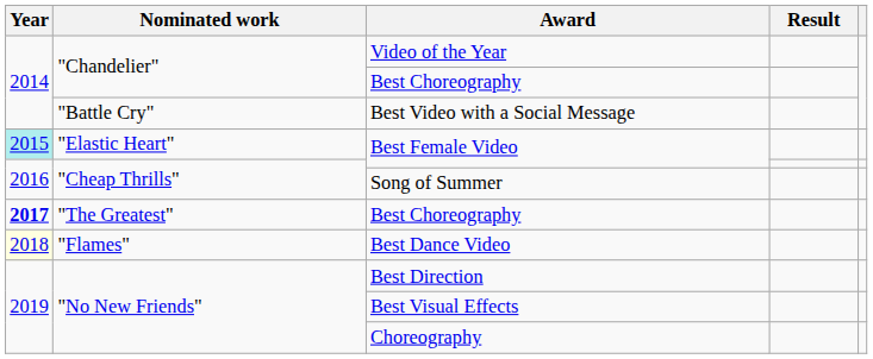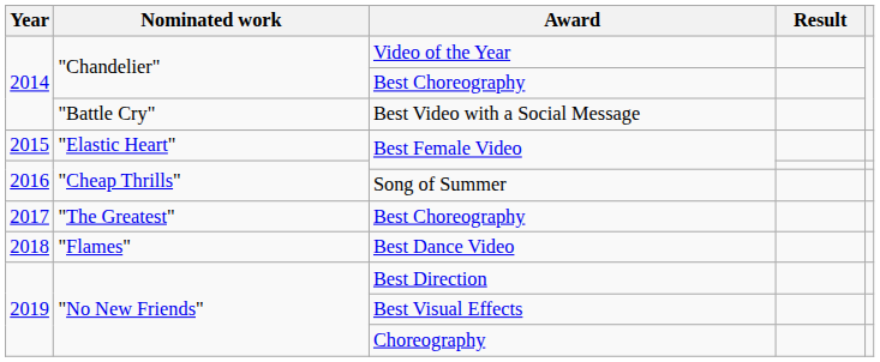 <table class="wikitable">
 <tr>
 <th>Year</th>
 <th style="width:250px;">Nominated work</th>
 <th style="width:325px;">Award</th>
 <th width="65">Result</th>
 <th></th>
 </tr>
 <tr>
 <td style="text-align:center;" rowspan="3"><a href='#'>2014</a></td>
 <td rowspan=2>"Chandelier"</td>
 <td><a href='#'>Video of the Year</a></td>
 <td></td>
 <td style="text-align:center;" rowspan="3"></td>
 </tr>
 <tr>
 <td><a href='#'>Best Choreography</a></td>
 <td></td>
 </tr>
 <tr>
 <td>"Battle Cry"</td>
 <td>Best Video with a Social Message</td>
 <td></td>
 </tr>
 <tr>
-<td style="background: paleturquoise; text-align:center;"><a href='#'>2015</a></td>
+<td style="text-align:center;"><a href='#'>2015</a></td>
 <td>"<a href='#'>Elastic Heart</a>"</td>
 <td rowspan="2"><a href='#'>Best Female Video</a></td>
 <td></td>
 <td style="text-align:center;"></td>
 </tr>
 <tr>
 <td style="text-align:center;" rowspan="2"><a href='#'>2016</a></td>
 <td rowspan="2">"<a href='#'>Cheap Thrills</a>"</td>
 <td></td>
 <td style="text-align:center;"></td>
 </tr>
 <tr>
 <td>Song of Summer</td>
 <td></td>
 <td style="text-align:center;"></td>
 </tr>
 <tr>
-<td style="text-align:center;"><strong><a href='#'>2017</a></strong></td>
+<td style="text-align:center;"><a href='#'>2017</a></td>
 <td>"<a href='#'>The Greatest</a>"</td>
 <td><a href='#'>Best Choreography</a></td>
 <td></td>
 <td style="text-align:center;"></td>
 </tr>
 <tr>
-<td style="background: lightyellow; text-align:center;"><a href='#'>2018</a></td>
+<td style="text-align:center;"><a href='#'>2018</a></td>
 <td>"<a href='#'>Flames</a>"</td>
 <td><a href='#'>Best Dance Video</a></td>
 <td></td>
 <td style="text-align:center;"></td>
 </tr>
 <tr>
 <td style="text-align:center;" rowspan="3"><a href='#'>2019</a></td>
 <td rowspan="3">"<a href='#'>No New Friends</a>"</td>
 <td><a href='#'>Best Direction</a></td>
 <td></td>
 <td></td>
 </tr>
 <tr>
 <td><a href='#'>Best Visual Effects</a></td>
 <td></td>
 <td></td>
 </tr>
 <tr>
 <td><a href='#'>Choreography</a></td>
 <td></td>
 <td></td>
 </tr>
 </table>
